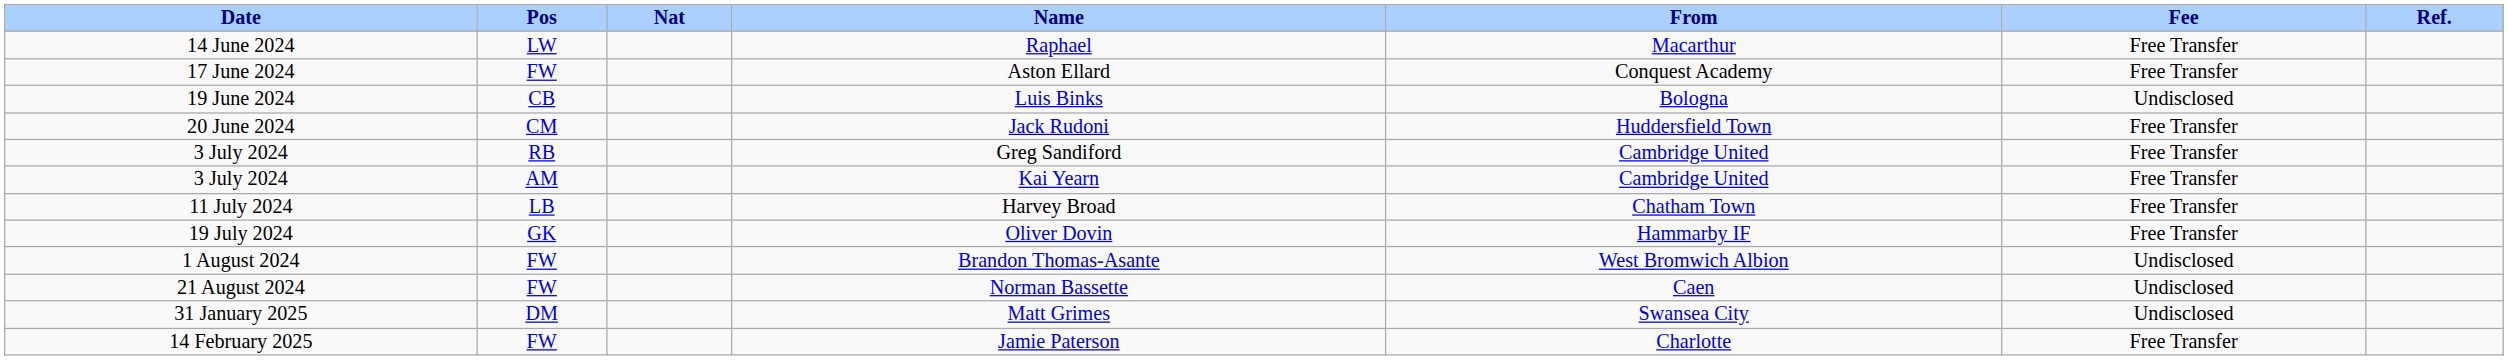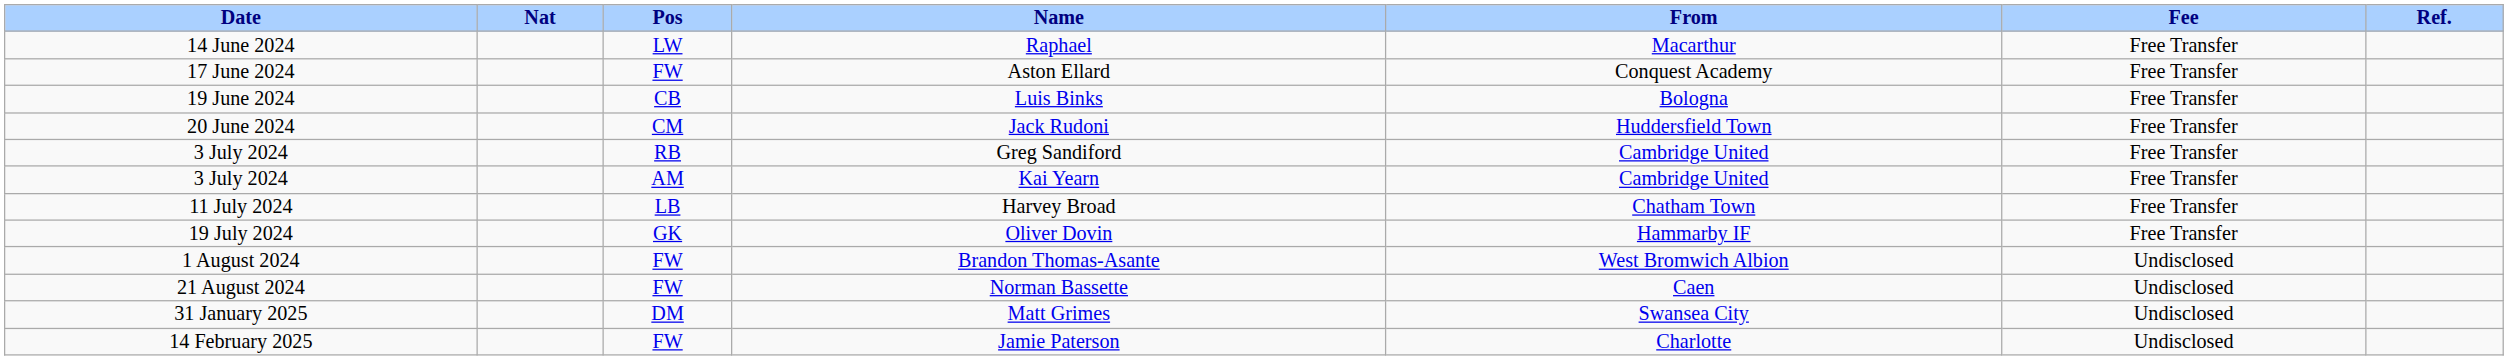 <table class="wikitable sortable alternance" style="font-size:100%; text-align:center; line-height:14px; width:100%;">
 <tr>
 <th style="background:#AAD0FF; color:#000080; ">Date</th>
+<th style="background:#AAD0FF; color:#000080; ">Nat</th>
 <th style="background:#AAD0FF; color:#000080; ">Pos</th>
-<th style="background:#AAD0FF; color:#000080; ">Nat</th>
 <th style="background:#AAD0FF; color:#000080; ">Name</th>
 <th style="background:#AAD0FF; color:#000080; ">From</th>
 <th style="background:#AAD0FF; color:#000080; ">Fee</th>
 <th style="background:#AAD0FF; color:#000080; ">Ref.</th>
 </tr>
 <tr>
 <td>14 June 2024</td>
+<td></td>
 <td><a href='#'>LW</a></td>
-<td></td>
 <td><a href='#'>Raphael</a></td>
 <td> <a href='#'>Macarthur</a></td>
 <td>Free Transfer</td>
 <td></td>
 </tr>
 <tr>
 <td>17 June 2024</td>
+<td></td>
 <td><a href='#'>FW</a></td>
-<td></td>
 <td>Aston Ellard</td>
 <td> Conquest Academy</td>
 <td>Free Transfer</td>
 <td></td>
 </tr>
 <tr>
 <td>19 June 2024</td>
+<td></td>
 <td><a href='#'>CB</a></td>
-<td></td>
 <td><a href='#'>Luis Binks</a></td>
 <td> <a href='#'>Bologna</a></td>
-<td>Undisclosed</td>
+<td>Free Transfer</td>
 <td></td>
 </tr>
 <tr>
 <td>20 June 2024</td>
+<td></td>
 <td><a href='#'>CM</a></td>
-<td></td>
 <td><a href='#'>Jack Rudoni</a></td>
 <td> <a href='#'>Huddersfield Town</a></td>
 <td>Free Transfer</td>
 <td></td>
 </tr>
 <tr>
 <td>3 July 2024</td>
+<td></td>
 <td><a href='#'>RB</a></td>
-<td></td>
 <td>Greg Sandiford</td>
 <td> <a href='#'>Cambridge United</a></td>
 <td>Free Transfer</td>
 <td></td>
 </tr>
 <tr>
 <td>3 July 2024</td>
+<td></td>
 <td><a href='#'>AM</a></td>
-<td></td>
 <td><a href='#'>Kai Yearn</a></td>
 <td> <a href='#'>Cambridge United</a></td>
 <td>Free Transfer</td>
 <td></td>
 </tr>
 <tr>
 <td>11 July 2024</td>
+<td></td>
 <td><a href='#'>LB</a></td>
-<td></td>
 <td>Harvey Broad</td>
 <td> <a href='#'>Chatham Town</a></td>
 <td>Free Transfer</td>
 <td></td>
 </tr>
 <tr>
 <td>19 July 2024</td>
+<td></td>
 <td><a href='#'>GK</a></td>
-<td></td>
 <td><a href='#'>Oliver Dovin</a></td>
 <td> <a href='#'>Hammarby IF</a></td>
 <td>Free Transfer</td>
 <td></td>
 </tr>
 <tr>
 <td>1 August 2024</td>
+<td></td>
 <td><a href='#'>FW</a></td>
-<td></td>
 <td><a href='#'>Brandon Thomas-Asante</a></td>
 <td> <a href='#'>West Bromwich Albion</a></td>
 <td>Undisclosed</td>
 <td></td>
 </tr>
 <tr>
 <td>21 August 2024</td>
+<td></td>
 <td><a href='#'>FW</a></td>
-<td></td>
 <td><a href='#'>Norman Bassette</a></td>
 <td> <a href='#'>Caen</a></td>
 <td>Undisclosed</td>
 <td></td>
 </tr>
 <tr>
 <td>31 January 2025</td>
+<td></td>
 <td><a href='#'>DM</a></td>
-<td></td>
 <td><a href='#'>Matt Grimes</a></td>
 <td> <a href='#'>Swansea City</a></td>
 <td>Undisclosed</td>
 <td></td>
 </tr>
 <tr>
 <td>14 February 2025</td>
+<td></td>
 <td><a href='#'>FW</a></td>
-<td></td>
 <td><a href='#'>Jamie Paterson</a></td>
 <td> <a href='#'>Charlotte</a></td>
-<td>Free Transfer</td>
+<td>Undisclosed</td>
 <td></td>
 </tr>
 </table>
